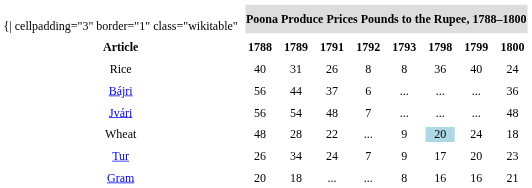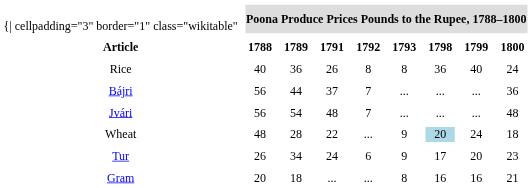 <table cellspacing="9"  style="margin:1em auto;">
 <tr>
 <td valign="top"><br>	{| cellpadding="3" border="1"  class="wikitable"</td>
 <th bgcolor="#DDDDDD" colspan="9">Poona Produce Prices Pounds to the Rupee, 1788–1800</th>
 </tr>
 <tr>
 <th>Article</th>
 <th>1788</th>
 <th>1789</th>
 <th>1791</th>
 <th>1792</th>
 <th>1793</th>
 <th>1798</th>
 <th>1799</th>
 <th>1800</th>
 </tr>
 <tr>
 <td align="center">Rice</td>
 <td align="center">40</td>
-<td align="center">31</td>
+<td align="center">36</td>
 <td align="center">26</td>
 <td align="center">8</td>
 <td align="center">8</td>
 <td align="center">36</td>
 <td align="center">40</td>
 <td align="center">24</td>
 </tr>
 <tr>
 <td align="center"><a href='#'>Bájri</a></td>
 <td align="center">56</td>
 <td align="center">44</td>
 <td align="center">37</td>
-<td align="center">6</td>
+<td align="center">7</td>
 <td align="center">...</td>
 <td align="center">...</td>
 <td align="center">...</td>
 <td align="center">36</td>
 </tr>
 <tr>
 <td align="center"><a href='#'>Jvári</a></td>
 <td align="center">56</td>
 <td align="center">54</td>
 <td align="center">48</td>
 <td align="center">7</td>
 <td align="center">...</td>
 <td align="center">...</td>
 <td align="center">...</td>
 <td align="center">48</td>
 </tr>
 <tr>
 <td align="center">Wheat</td>
 <td align="center">48</td>
 <td align="center">28</td>
 <td align="center">22</td>
 <td align="center">...</td>
 <td align="center">9</td>
 <td align="center" style="background: lightblue;">20</td>
 <td align="center">24</td>
 <td align="center">18</td>
 </tr>
 <tr>
 <td align="center"><a href='#'>Tur</a></td>
 <td align="center">26</td>
 <td align="center">34</td>
 <td align="center">24</td>
-<td align="center">7</td>
+<td align="center">6</td>
 <td align="center">9</td>
 <td align="center">17</td>
 <td align="center">20</td>
 <td align="center">23</td>
 </tr>
 <tr>
 <td align="center"><a href='#'>Gram</a></td>
 <td align="center">20</td>
 <td align="center">18</td>
 <td align="center">...</td>
 <td align="center">...</td>
 <td align="center">8</td>
 <td align="center">16</td>
 <td align="center">16</td>
 <td align="center">21</td>
 </tr>
 </table>
